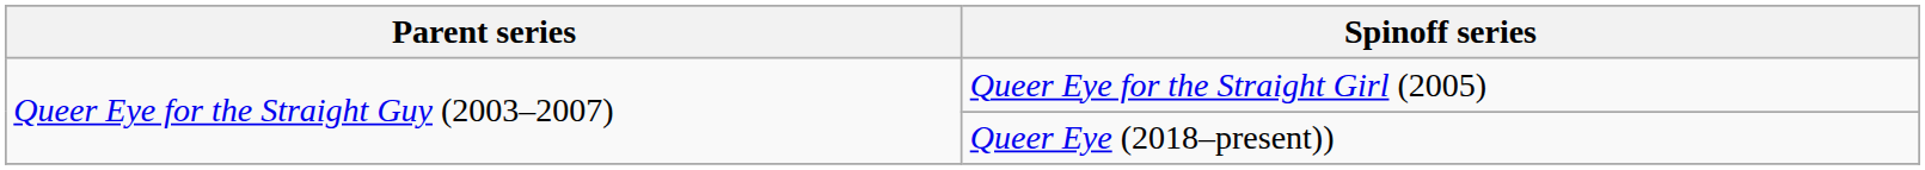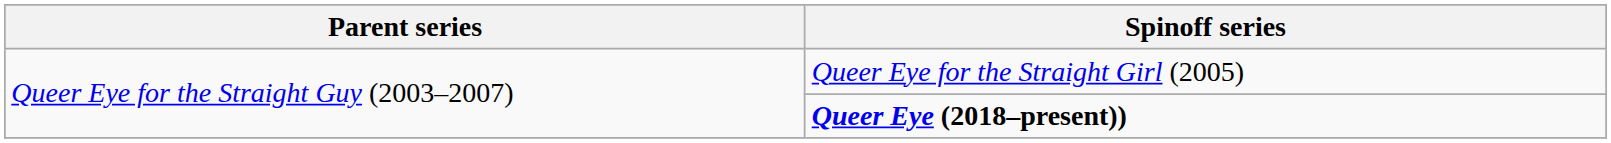 <table class="wikitable">
 <tr>
 <th width="450">Parent series</th>
 <th width="450">Spinoff series</th>
 </tr>
 <tr>
 <td rowspan="2"><em><a href='#'>Queer Eye for the Straight Guy</a></em> (2003–2007)</td>
 <td><em><a href='#'>Queer Eye for the Straight Girl</a></em> (2005)</td>
 </tr>
 <tr>
-<td><em><a href='#'>Queer Eye</a></em> (2018–present))</td>
+<td><strong><em><a href='#'>Queer Eye</a></em> (2018–present))</strong></td>
 </tr>
 </table>
